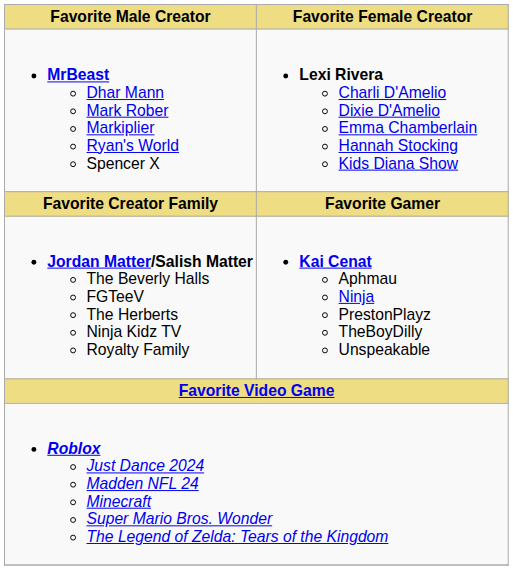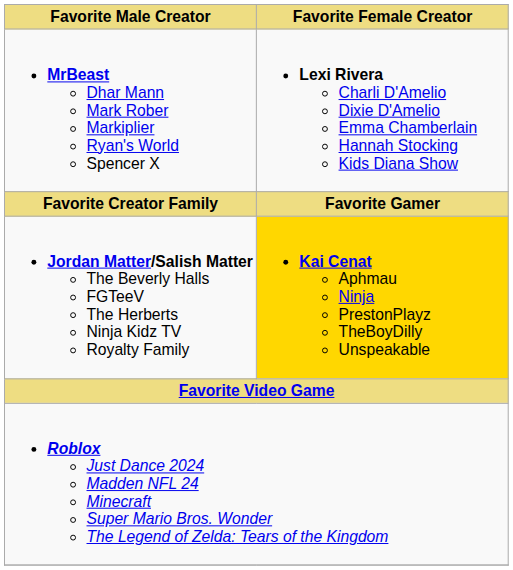 <table class="wikitable">
 <tr>
 <th style="background:#EEDD82; width:50%">Favorite Male Creator</th>
 <th style="background:#EEDD82; width:50%">Favorite Female Creator</th>
 </tr>
 <tr>
 <td><br><ul><li><strong><a href='#'>MrBeast</a></strong><ul><li><a href='#'>Dhar Mann</a></li><li><a href='#'>Mark Rober</a></li><li><a href='#'>Markiplier</a></li><li><a href='#'>Ryan's World</a></li><li>Spencer X</li></ul></li></ul></td>
 <td><br><ul><li><strong>Lexi Rivera</strong><ul><li><a href='#'>Charli D'Amelio</a></li><li><a href='#'>Dixie D'Amelio</a></li><li><a href='#'>Emma Chamberlain</a></li><li><a href='#'>Hannah Stocking</a></li><li><a href='#'>Kids Diana Show</a></li></ul></li></ul></td>
 </tr>
 <tr>
 <th style="background:#EEDD82; width:50%">Favorite Creator Family</th>
 <th style="background:#EEDD82; width:50%">Favorite Gamer</th>
 </tr>
 <tr>
 <td><br><ul><li><strong><a href='#'>Jordan Matter</a>/Salish Matter</strong><ul><li>The Beverly Halls</li><li>FGTeeV</li><li>The Herberts</li><li>Ninja Kidz TV</li><li>Royalty Family</li></ul></li></ul></td>
-<td><br><ul><li><strong><a href='#'>Kai Cenat</a></strong><ul><li>Aphmau</li><li><a href='#'>Ninja</a></li><li>PrestonPlayz</li><li>TheBoyDilly</li><li>Unspeakable</li></ul></li></ul></td>
+<td style="background: gold;"><br><ul><li><strong><a href='#'>Kai Cenat</a></strong><ul><li>Aphmau</li><li><a href='#'>Ninja</a></li><li>PrestonPlayz</li><li>TheBoyDilly</li><li>Unspeakable</li></ul></li></ul></td>
 </tr>
 <tr>
 <th colspan="2" style="background:#EEDD82; width:50%"><a href='#'>Favorite Video Game</a></th>
 </tr>
 <tr>
 <td colspan="2" valign="top"><br><ul><li><strong><em><a href='#'>Roblox</a></em></strong><ul><li><em><a href='#'>Just Dance 2024</a></em></li><li><em><a href='#'>Madden NFL 24</a></em></li><li><em><a href='#'>Minecraft</a></em></li><li><em><a href='#'>Super Mario Bros. Wonder</a></em></li><li><em><a href='#'>The Legend of Zelda: Tears of the Kingdom</a></em></li></ul></li></ul></td>
 </tr>
 <tr>
 </tr>
 </table>
